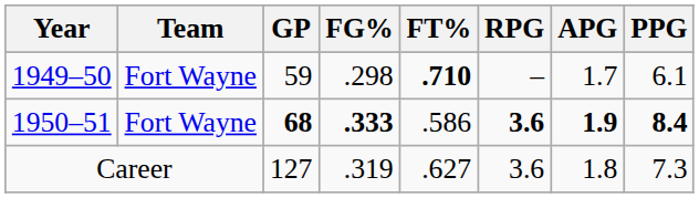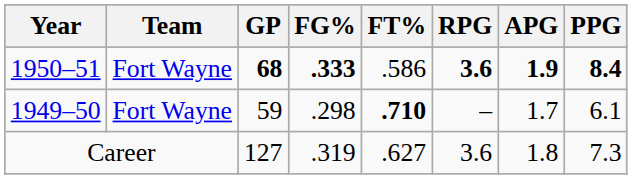 <table class="wikitable sortable" style="font-size:95%; text-align:right;">
 <tr>
 <th>Year</th>
 <th>Team</th>
 <th>GP</th>
 <th>FG%</th>
 <th>FT%</th>
 <th>RPG</th>
 <th>APG</th>
 <th>PPG</th>
 </tr>
 <tr>
+<td style="text-align:left;"><a href='#'>1950–51</a></td>
+<td style="text-align:left;"><a href='#'>Fort Wayne</a></td>
+<td><strong>68</strong></td>
+<td><strong>.333</strong></td>
+<td>.586</td>
+<td><strong>3.6</strong></td>
+<td><strong>1.9</strong></td>
+<td><strong>8.4</strong></td>
+</tr>
+<tr>
 <td style="text-align:left;"><a href='#'>1949–50</a></td>
 <td style="text-align:left;"><a href='#'>Fort Wayne</a></td>
 <td>59</td>
 <td>.298</td>
 <td><strong>.710</strong></td>
 <td>–</td>
 <td>1.7</td>
 <td>6.1</td>
-</tr>
-<tr>
-<td style="text-align:left;"><a href='#'>1950–51</a></td>
-<td style="text-align:left;"><a href='#'>Fort Wayne</a></td>
-<td><strong>68</strong></td>
-<td><strong>.333</strong></td>
-<td>.586</td>
-<td><strong>3.6</strong></td>
-<td><strong>1.9</strong></td>
-<td><strong>8.4</strong></td>
 </tr>
 <tr class="sortbottom">
 <td style="text-align:center;" colspan="2">Career</td>
 <td>127</td>
 <td>.319</td>
 <td>.627</td>
 <td>3.6</td>
 <td>1.8</td>
 <td>7.3</td>
 </tr>
 </table>
